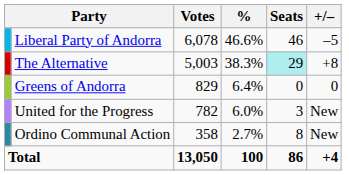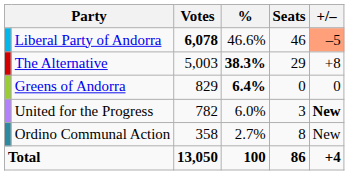 <table class="wikitable">
 <tr>
 <th colspan="2">Party</th>
 <th>Votes</th>
 <th>%</th>
 <th>Seats</th>
 <th>+/–</th>
 </tr>
 <tr>
 <td bgcolor="#00B7EB"></td>
 <td><a href='#'>Liberal Party of Andorra</a></td>
-<td style="text-align: right;">6,078</td>
+<td style="text-align: right;"><strong>6,078</strong></td>
 <td style="text-align: right;">46.6%</td>
 <td style="text-align: right;">46</td>
-<td style="text-align: right;">–5</td>
+<td style="background: lightsalmon; text-align: right;">–5</td>
 </tr>
 <tr>
 <td bgcolor="#d40000"></td>
 <td><a href='#'>The Alternative</a></td>
 <td style="text-align: right;">5,003</td>
-<td style="text-align: right;">38.3%</td>
-<td style="background: paleturquoise; text-align: right;">29</td>
+<td style="text-align: right;"><strong>38.3%</strong></td>
+<td style="text-align: right;">29</td>
 <td style="text-align: right;">+8</td>
 </tr>
 <tr>
 <td bgcolor="#9acd32"></td>
 <td><a href='#'>Greens of Andorra</a></td>
 <td style="text-align: right;">829</td>
-<td style="text-align: right;">6.4%</td>
+<td style="text-align: right;"><strong>6.4%</strong></td>
 <td style="text-align: right;">0</td>
 <td style="text-align: right;">0</td>
 </tr>
 <tr>
 <td bgcolor="#b380ff"></td>
 <td>United for the Progress</td>
 <td style="text-align: right;">782</td>
 <td style="text-align: right;">6.0%</td>
 <td style="text-align: right;">3</td>
-<td style="text-align: right;">New</td>
+<td style="text-align: right;"><strong>New</strong></td>
 </tr>
 <tr>
 <td bgcolor="#2c89a0"></td>
 <td>Ordino Communal Action</td>
 <td style="text-align: right;">358</td>
 <td style="text-align: right;">2.7%</td>
 <td style="text-align: right;">8</td>
 <td style="text-align: right;">New</td>
 </tr>
 <tr>
 <td colspan="2" style="font-weight: bold;">Total</td>
 <td style="text-align: right; font-weight: bold;">13,050</td>
 <td style="text-align: right; font-weight: bold;">100</td>
 <td style="text-align: right; font-weight: bold;">86</td>
 <td style="text-align: right; font-weight: bold;">+4</td>
 </tr>
 </table>
